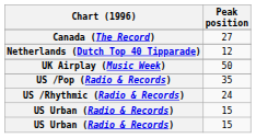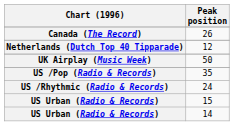 <table class="wikitable sortable plainrowheaders" style="text-align:center">
 <tr>
 <th align="center">Chart (1996)</th>
 <th align="center">Peak<br>position</th>
 </tr>
 <tr>
 </tr>
 <tr>
 </tr>
 <tr>
 <th scope="row">Canada  (<em><a href='#'>The Record</a></em>)</th>
-<td>27</td>
+<td>26</td>
 </tr>
 <tr>
 </tr>
 <tr>
 <th scope="row">Netherlands (<a href='#'>Dutch Top 40 Tipparade</a>)</th>
 <td>12</td>
 </tr>
 <tr>
 </tr>
 <tr>
 </tr>
 <tr>
 </tr>
 <tr>
 </tr>
 <tr>
 </tr>
 <tr>
 <th scope="row">UK Airplay (<em><a href='#'>Music Week</a></em>)</th>
 <td>50</td>
 </tr>
 <tr>
 </tr>
 <tr>
 </tr>
 <tr>
 </tr>
 <tr>
 <th scope="row">US /Pop (<em><a href='#'>Radio & Records</a></em>)</th>
 <td>35</td>
 </tr>
 <tr>
 <th scope="row">US /Rhythmic (<em><a href='#'>Radio & Records</a></em>)</th>
 <td>24</td>
 </tr>
 <tr>
 <th scope="row">US Urban (<em><a href='#'>Radio & Records</a></em>)</th>
 <td>15</td>
 </tr>
 <tr>
 <th scope="row">US Urban  (<em><a href='#'>Radio & Records</a></em>)</th>
-<td>15</td>
+<td>14</td>
 </tr>
 </table>
